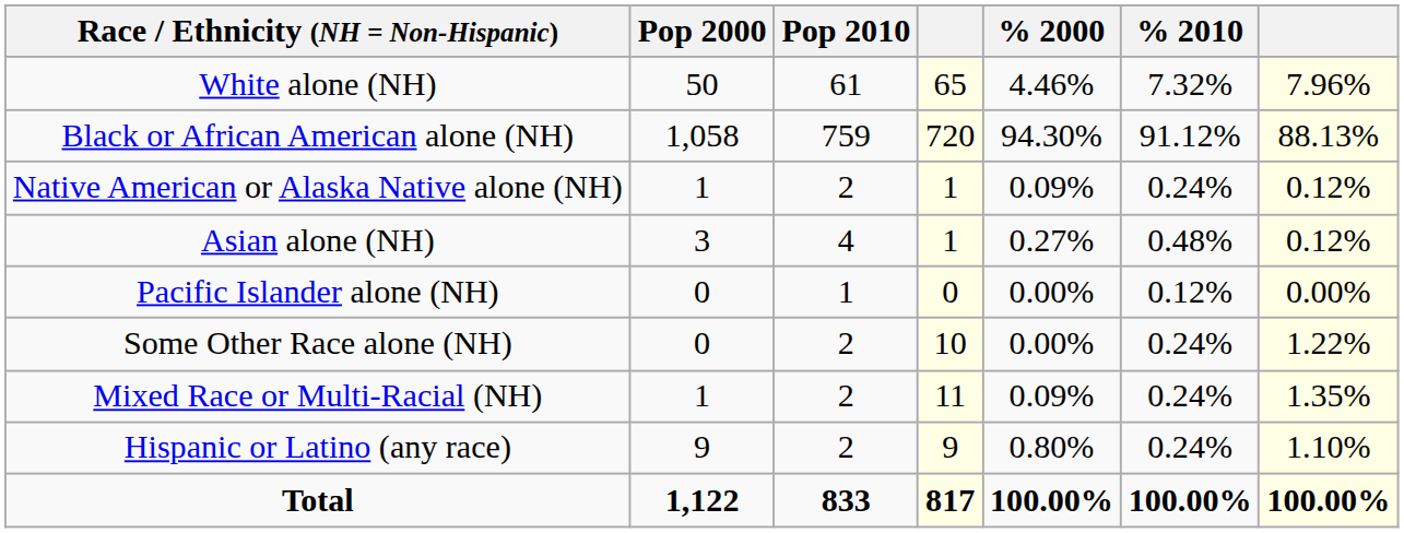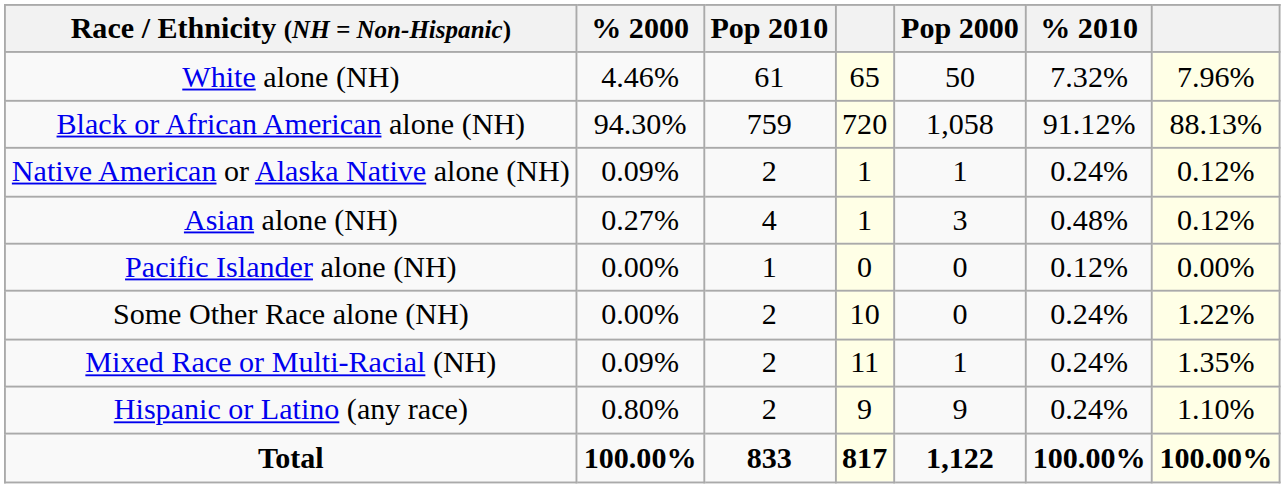 <table class="wikitable" style="text-align:center;">
 <tr>
 <th>Race / Ethnicity <small>(<em>NH = Non-Hispanic</em>)</small></th>
-<th>Pop 2000</th>
+<th>% 2000</th>
 <th>Pop 2010</th>
 <th></th>
-<th>% 2000</th>
+<th>Pop 2000</th>
 <th>% 2010</th>
 <th></th>
 </tr>
 <tr>
 <td><a href='#'>White</a> alone (NH)</td>
-<td>50</td>
+<td>4.46%</td>
 <td>61</td>
 <td style='background: #ffffe6;'>65</td>
-<td>4.46%</td>
+<td>50</td>
 <td>7.32%</td>
 <td style='background: #ffffe6;'>7.96%</td>
 </tr>
 <tr>
 <td><a href='#'>Black or African American</a> alone (NH)</td>
-<td>1,058</td>
+<td>94.30%</td>
 <td>759</td>
 <td style='background: #ffffe6;'>720</td>
-<td>94.30%</td>
+<td>1,058</td>
 <td>91.12%</td>
 <td style='background: #ffffe6;'>88.13%</td>
 </tr>
 <tr>
 <td><a href='#'>Native American</a> or <a href='#'>Alaska Native</a> alone (NH)</td>
-<td>1</td>
+<td>0.09%</td>
 <td>2</td>
 <td style='background: #ffffe6;'>1</td>
-<td>0.09%</td>
+<td>1</td>
 <td>0.24%</td>
 <td style='background: #ffffe6;'>0.12%</td>
 </tr>
 <tr>
 <td><a href='#'>Asian</a> alone (NH)</td>
-<td>3</td>
+<td>0.27%</td>
 <td>4</td>
 <td style='background: #ffffe6;'>1</td>
-<td>0.27%</td>
+<td>3</td>
 <td>0.48%</td>
 <td style='background: #ffffe6;'>0.12%</td>
 </tr>
 <tr>
 <td><a href='#'>Pacific Islander</a> alone (NH)</td>
-<td>0</td>
+<td>0.00%</td>
 <td>1</td>
 <td style='background: #ffffe6;'>0</td>
-<td>0.00%</td>
+<td>0</td>
 <td>0.12%</td>
 <td style='background: #ffffe6;'>0.00%</td>
 </tr>
 <tr>
 <td>Some Other Race alone (NH)</td>
-<td>0</td>
+<td>0.00%</td>
 <td>2</td>
 <td style='background: #ffffe6;'>10</td>
-<td>0.00%</td>
+<td>0</td>
 <td>0.24%</td>
 <td style='background: #ffffe6;'>1.22%</td>
 </tr>
 <tr>
 <td><a href='#'>Mixed Race or Multi-Racial</a> (NH)</td>
-<td>1</td>
+<td>0.09%</td>
 <td>2</td>
 <td style='background: #ffffe6;'>11</td>
-<td>0.09%</td>
+<td>1</td>
 <td>0.24%</td>
 <td style='background: #ffffe6;'>1.35%</td>
 </tr>
 <tr>
 <td><a href='#'>Hispanic or Latino</a> (any race)</td>
-<td>9</td>
+<td>0.80%</td>
 <td>2</td>
 <td style='background: #ffffe6;'>9</td>
-<td>0.80%</td>
+<td>9</td>
 <td>0.24%</td>
 <td style='background: #ffffe6;'>1.10%</td>
 </tr>
 <tr>
 <td><strong>Total</strong></td>
-<td><strong>1,122</strong></td>
+<td><strong>100.00%</strong></td>
 <td><strong>833</strong></td>
 <td style='background: #ffffe6;'><strong>817</strong></td>
-<td><strong>100.00%</strong></td>
+<td><strong>1,122</strong></td>
 <td><strong>100.00%</strong></td>
 <td style='background: #ffffe6;'><strong>100.00%</strong></td>
 </tr>
 </table>
